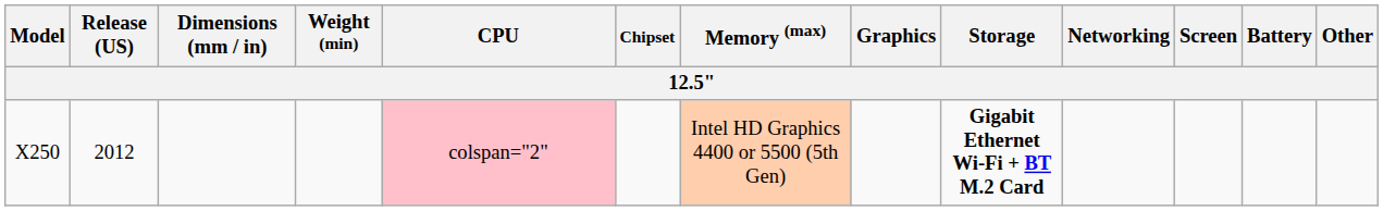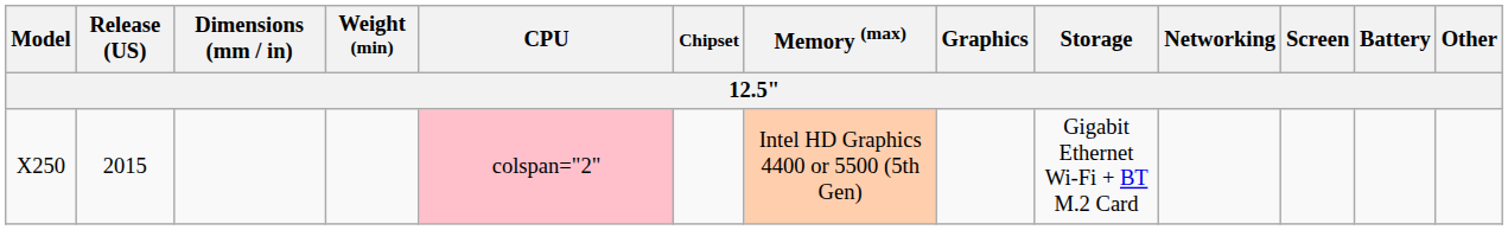 <table class="wikitable" style="font-size: 80%; text-align: center; min-width: 80%;">
 <tr>
 <th>Model</th>
 <th>Release (US)</th>
 <th>Dimensions (mm / in)</th>
 <th>Weight <sup>(min)</sup></th>
 <th style="width:17%">CPU</th>
 <th><small>Chipset</small></th>
 <th>Memory <sup>(max)</sup></th>
 <th>Graphics</th>
 <th>Storage</th>
 <th>Networking</th>
 <th>Screen</th>
 <th>Battery</th>
 <th>Other</th>
 </tr>
 <tr>
 <th colspan=13>12.5"</th>
 </tr>
 <tr>
 <td>X250 </td>
-<td>2012</td>
+<td>2015</td>
 <td></td>
 <td></td>
 <td style="background: pink;">colspan="2" </td>
 <td></td>
 <td style="background:#ffcead;">Intel HD Graphics 4400 or 5500 (5th Gen)</td>
 <td></td>
-<td><strong>Gigabit Ethernet<br>Wi-Fi + <a href='#'>BT</a> M.2 Card<br><small></small></strong></td>
+<td>Gigabit Ethernet<br>Wi-Fi + <a href='#'>BT</a> M.2 Card<br><small></small></td>
 <td></td>
 <td style="background:"></td>
 <td></td>
 </tr>
 </table>
